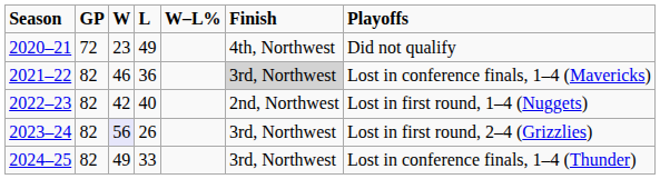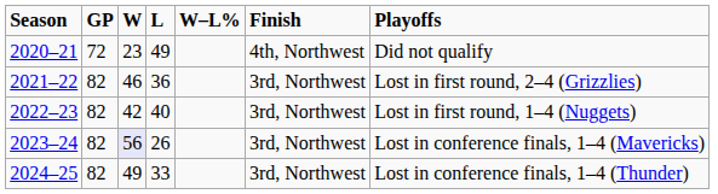 <table class="wikitable">
 <tr style="font-weight:bold; ">
 <td>Season</td>
 <td>GP</td>
 <td>W</td>
 <td>L</td>
 <td>W–L%</td>
 <td>Finish</td>
 <td>Playoffs</td>
 </tr>
 <tr>
 <td><a href='#'>2020–21</a></td>
 <td>72</td>
 <td>23</td>
 <td>49</td>
 <td></td>
 <td>4th, Northwest</td>
 <td>Did not qualify</td>
 </tr>
 <tr>
 <td><a href='#'>2021–22</a></td>
 <td>82</td>
 <td>46</td>
 <td>36</td>
 <td></td>
-<td style="background: lightgrey;">3rd, Northwest</td>
-<td>Lost in conference finals, 1–4 (<a href='#'>Mavericks</a>)</td>
+<td>3rd, Northwest</td>
+<td>Lost in first round, 2–4 (<a href='#'>Grizzlies</a>)</td>
 </tr>
 <tr>
 <td><a href='#'>2022–23</a></td>
 <td>82</td>
 <td>42</td>
 <td>40</td>
 <td></td>
-<td>2nd, Northwest</td>
+<td>3rd, Northwest</td>
 <td>Lost in first round, 1–4 (<a href='#'>Nuggets</a>)</td>
 </tr>
 <tr>
 <td><a href='#'>2023–24</a></td>
 <td>82</td>
 <td style="background: lavender;">56</td>
 <td>26</td>
 <td></td>
 <td>3rd, Northwest</td>
-<td>Lost in first round, 2–4 (<a href='#'>Grizzlies</a>)</td>
+<td>Lost in conference finals, 1–4 (<a href='#'>Mavericks</a>)</td>
 </tr>
 <tr>
 <td><a href='#'>2024–25</a></td>
 <td>82</td>
 <td>49</td>
 <td>33</td>
 <td></td>
 <td>3rd, Northwest</td>
 <td>Lost in conference finals, 1–4 (<a href='#'>Thunder</a>)</td>
 </tr>
 </table>
